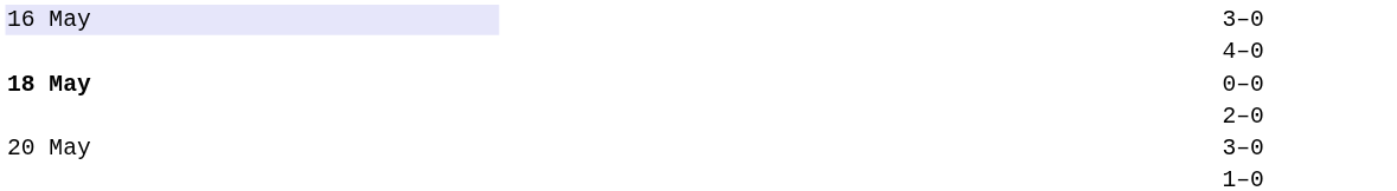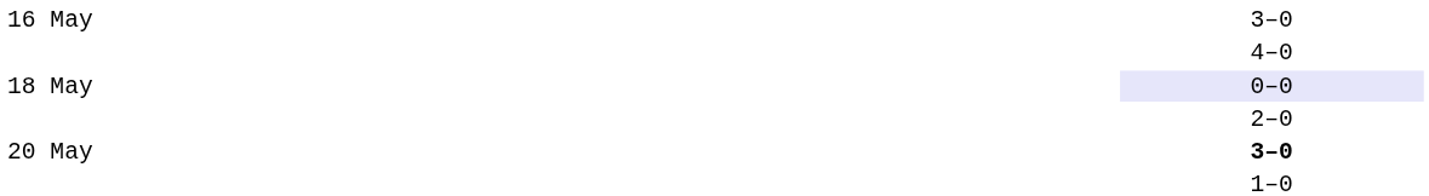 <table cellspacing=1 width=70%>
 <tr>
 <th width=25%></th>
 <th width=30%></th>
 <th width=15%></th>
 <th width=30%></th>
 </tr>
 <tr>
-<td style="background: lavender;">16 May</td>
+<td>16 May</td>
 <td align=right></td>
 <td align=center>3–0</td>
 <td></td>
 </tr>
 <tr>
 <td></td>
 <td align=right></td>
 <td align=center>4–0</td>
 <td></td>
 </tr>
 <tr>
-<td><strong>18 May</strong></td>
+<td>18 May</td>
 <td align=right></td>
-<td align=center>0–0</td>
+<td align=center style="background: lavender;">0–0</td>
 <td></td>
 </tr>
 <tr>
 <td></td>
 <td align=right></td>
 <td align=center>2–0</td>
 <td></td>
 </tr>
 <tr>
 <td>20 May</td>
 <td align=right></td>
-<td align=center>3–0</td>
+<td align=center><strong>3–0</strong></td>
 <td></td>
 </tr>
 <tr>
 <td></td>
 <td align=right></td>
 <td align=center>1–0</td>
 <td></td>
 </tr>
 </table>
